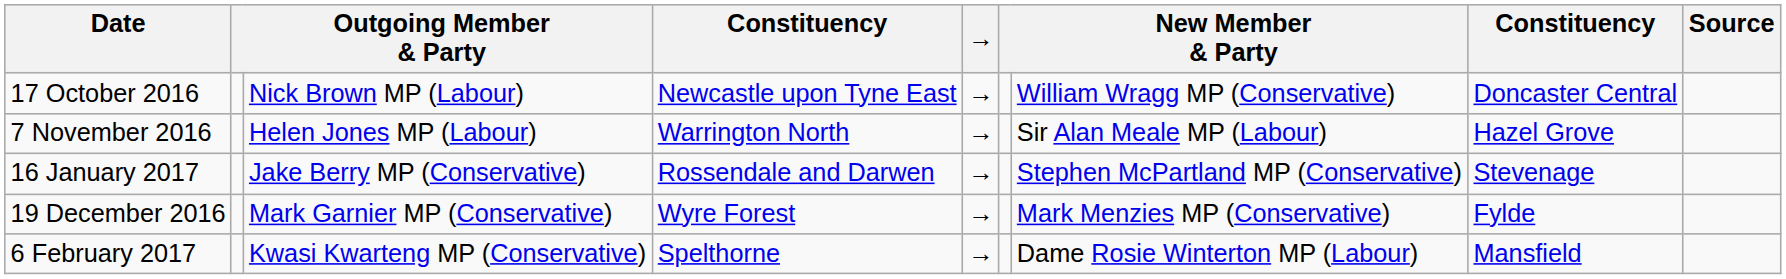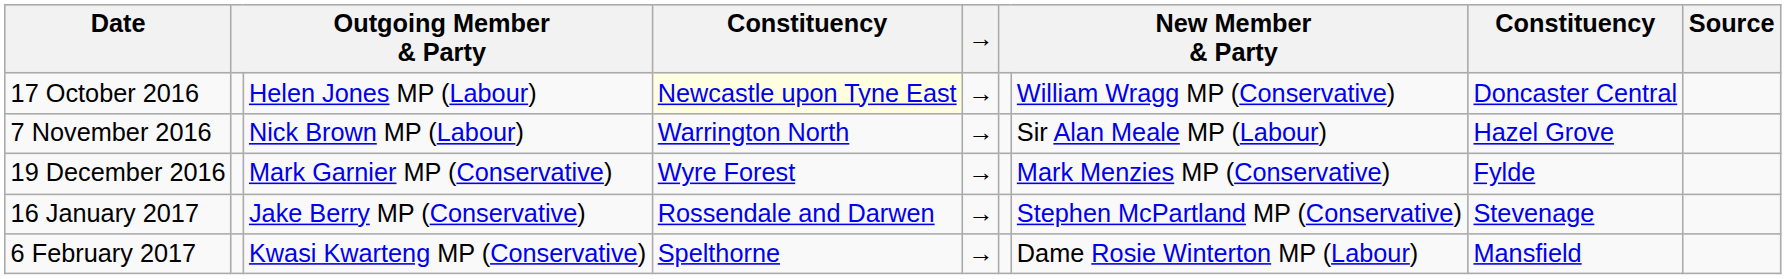 <table class="wikitable">
 <tr>
 <th valign="top">Date</th>
 <th colspan="2" valign="top">Outgoing Member<br>& Party</th>
 <th valign="top">Constituency</th>
 <th>→</th>
 <th colspan="2" valign="top">New Member<br>& Party</th>
 <th valign="top">Constituency</th>
 <th valign="top">Source</th>
 </tr>
 <tr>
 <td nowrap>17 October 2016</td>
 <td style="color:inherit;background:"></td>
-<td><a href='#'>Nick Brown</a> MP (<a href='#'>Labour</a>)</td>
-<td><a href='#'>Newcastle upon Tyne East</a></td>
+<td><a href='#'>Helen Jones</a> MP (<a href='#'>Labour</a>)</td>
+<td style="background: lightyellow;"><a href='#'>Newcastle upon Tyne East</a></td>
 <td>→</td>
 <td style="color:inherit;background:"></td>
 <td><a href='#'>William Wragg</a> MP (<a href='#'>Conservative</a>)</td>
 <td><a href='#'>Doncaster Central</a></td>
 <td></td>
 </tr>
 <tr>
 <td nowrap>7 November 2016</td>
 <td style="color:inherit;background:"></td>
-<td><a href='#'>Helen Jones</a> MP (<a href='#'>Labour</a>)</td>
+<td><a href='#'>Nick Brown</a> MP (<a href='#'>Labour</a>)</td>
 <td><a href='#'>Warrington North</a></td>
 <td>→</td>
 <td style="color:inherit;background:"></td>
 <td>Sir <a href='#'>Alan Meale</a> MP (<a href='#'>Labour</a>)</td>
 <td><a href='#'>Hazel Grove</a></td>
+<td></td>
+</tr>
+<tr>
+<td nowrap>19 December 2016</td>
+<td style="color:inherit;background:"></td>
+<td><a href='#'>Mark Garnier</a> MP (<a href='#'>Conservative</a>)</td>
+<td><a href='#'>Wyre Forest</a></td>
+<td>→</td>
+<td style="color:inherit;background:"></td>
+<td><a href='#'>Mark Menzies</a> MP (<a href='#'>Conservative</a>)</td>
+<td><a href='#'>Fylde</a></td>
 <td></td>
 </tr>
 <tr>
 <td nowrap>16 January 2017</td>
 <td style="color:inherit;background:"></td>
 <td><a href='#'>Jake Berry</a> MP (<a href='#'>Conservative</a>)</td>
 <td><a href='#'>Rossendale and Darwen</a></td>
 <td>→</td>
 <td style="color:inherit;background:"></td>
 <td><a href='#'>Stephen McPartland</a> MP (<a href='#'>Conservative</a>)</td>
 <td><a href='#'>Stevenage</a></td>
 <td></td>
 </tr>
 <tr>
-<td nowrap>19 December 2016</td>
-<td style="color:inherit;background:"></td>
-<td><a href='#'>Mark Garnier</a> MP (<a href='#'>Conservative</a>)</td>
-<td><a href='#'>Wyre Forest</a></td>
-<td>→</td>
-<td style="color:inherit;background:"></td>
-<td><a href='#'>Mark Menzies</a> MP (<a href='#'>Conservative</a>)</td>
-<td><a href='#'>Fylde</a></td>
-<td></td>
-</tr>
-<tr>
 <td nowrap>6 February 2017</td>
 <td style="color:inherit;background:"></td>
 <td><a href='#'>Kwasi Kwarteng</a> MP (<a href='#'>Conservative</a>)</td>
 <td><a href='#'>Spelthorne</a></td>
 <td>→</td>
 <td style="color:inherit;background:"></td>
 <td>Dame <a href='#'>Rosie Winterton</a> MP (<a href='#'>Labour</a>)</td>
 <td><a href='#'>Mansfield</a></td>
 <td></td>
 </tr>
 </table>
